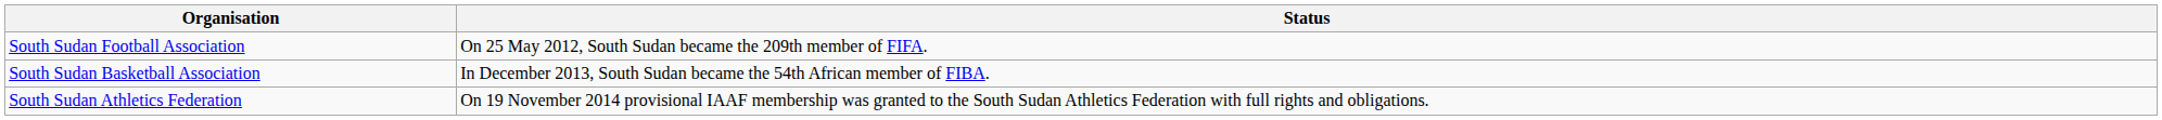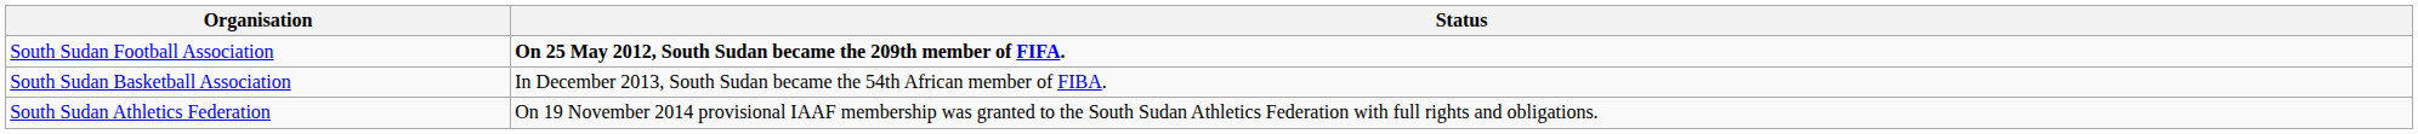 <table class="wikitable" style="margin:auto; width:100%;">
 <tr>
 <th>Organisation</th>
 <th>Status</th>
 </tr>
 <tr>
 <td><a href='#'>South Sudan Football Association</a></td>
-<td>On 25 May 2012, South Sudan became the 209th member of <a href='#'>FIFA</a>.</td>
+<td><strong>On 25 May 2012, South Sudan became the 209th member of <a href='#'>FIFA</a>.</strong></td>
 </tr>
 <tr>
 <td><a href='#'>South Sudan Basketball Association</a></td>
 <td>In December 2013, South Sudan became the 54th African member of <a href='#'>FIBA</a>.</td>
 </tr>
 <tr>
 <td><a href='#'>South Sudan Athletics Federation</a></td>
 <td>On 19 November 2014 provisional IAAF membership was granted to the South Sudan Athletics Federation with full rights and obligations.</td>
 </tr>
 </table>
